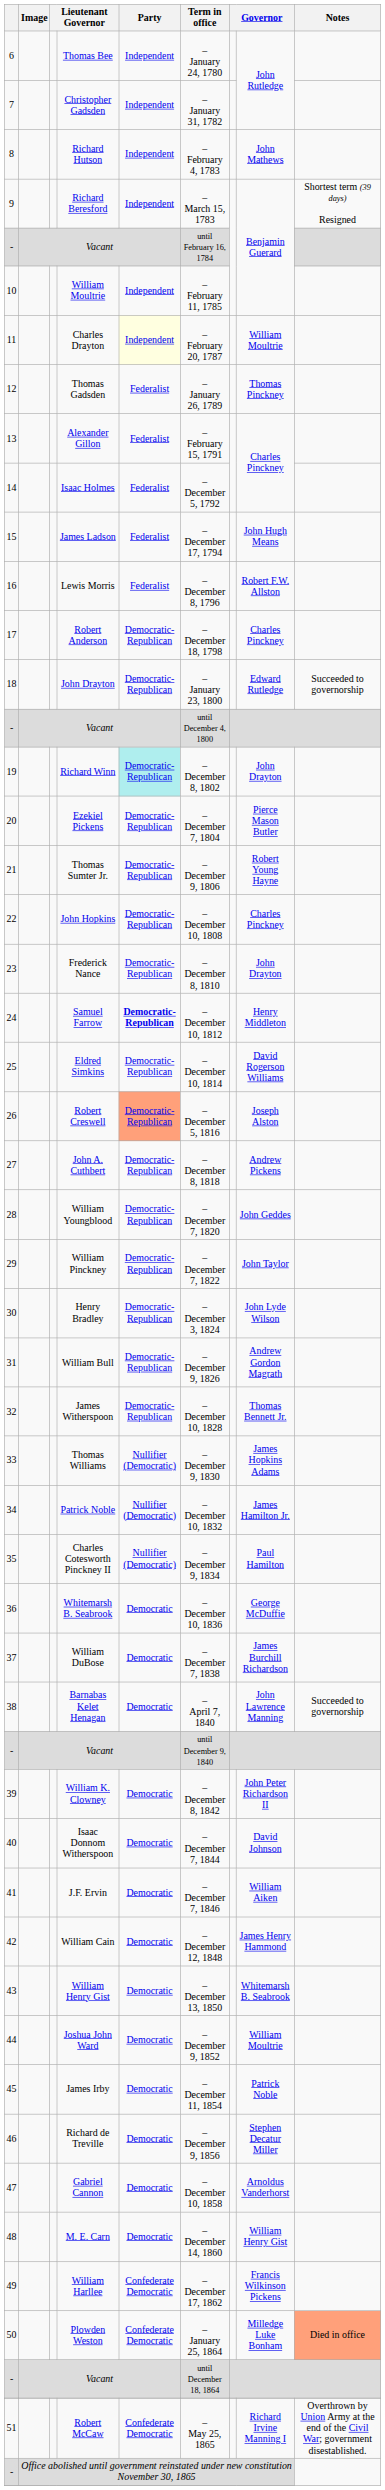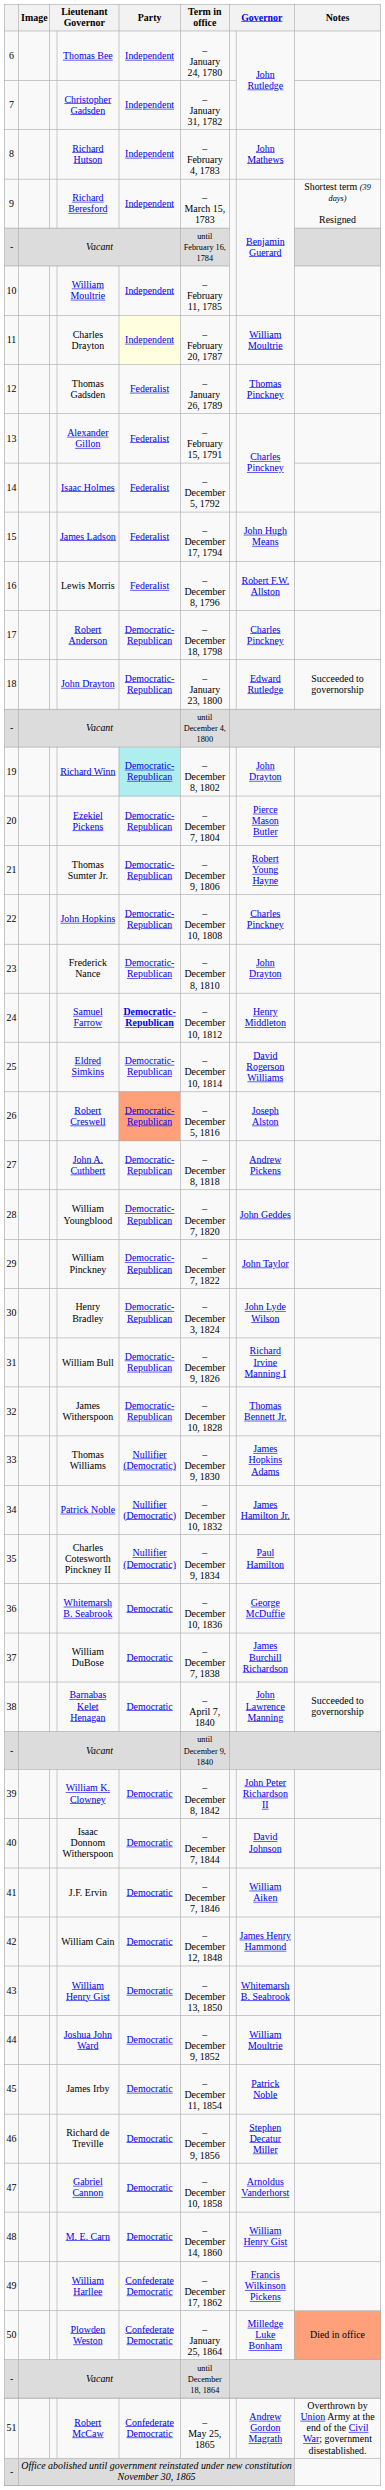 <table class="wikitable sortable" style="text-align: center;">
 <tr>
 <th scope="col" data-sort-type="number"></th>
 <th scope="col">Image</th>
 <th scope="col" colspan="2">Lieutenant Governor</th>
 <th scope="col">Party</th>
 <th scope="col">Term in office</th>
 <th scope="col" colspan="2"><a href='#'>Governor</a></th>
 <th scope="col">Notes</th>
 </tr>
 <tr>
 <td>6</td>
 <td></td>
 <td style="background:"> </td>
 <td><a href='#'>Thomas Bee</a></td>
 <td><a href='#'>Independent</a></td>
 <td><br>–<br>January 24, 1780</td>
 <td style="background:"> </td>
 <td rowspan=2><a href='#'>John Rutledge</a></td>
 <td></td>
 </tr>
 <tr>
 <td>7</td>
 <td></td>
 <td style="background:"> </td>
 <td><a href='#'>Christopher Gadsden</a></td>
 <td><a href='#'>Independent</a></td>
 <td><br>–<br>January 31, 1782</td>
 <td style="background:"> </td>
 <td></td>
 </tr>
 <tr>
 <td>8</td>
 <td></td>
 <td style="background:"> </td>
 <td><a href='#'>Richard Hutson</a></td>
 <td><a href='#'>Independent</a></td>
 <td><br>–<br>February 4, 1783</td>
 <td style="background:"> </td>
 <td><a href='#'>John Mathews</a></td>
 <td></td>
 </tr>
 <tr>
 <td>9</td>
 <td></td>
 <td style="background:"> </td>
 <td><a href='#'>Richard Beresford</a></td>
 <td><a href='#'>Independent</a></td>
 <td><br>–<br>March 15, 1783</td>
 <td rowspan=3 style="background:"> </td>
 <td rowspan=3><a href='#'>Benjamin Guerard</a></td>
 <td>Shortest term <small><em>(39 days)</em></small><br><br>Resigned</td>
 </tr>
 <tr bgcolor="#DCDCDC">
 <td>-</td>
 <td colspan=4><em>Vacant</em></td>
 <td><small>until February 16, 1784</small></td>
 <td></td>
 </tr>
 <tr>
 <td>10</td>
 <td></td>
 <td style="background:"> </td>
 <td><a href='#'>William Moultrie</a></td>
 <td><a href='#'>Independent</a></td>
 <td><br>–<br>February 11, 1785</td>
 <td></td>
 </tr>
 <tr>
 <td>11</td>
 <td></td>
 <td style="background:"> </td>
 <td>Charles Drayton</td>
 <td style="background: lightyellow;"><a href='#'>Independent</a></td>
 <td><br>–<br>February 20, 1787</td>
 <td style="background:"> </td>
 <td><a href='#'>William Moultrie</a></td>
 <td></td>
 </tr>
 <tr>
 <td>12</td>
 <td></td>
 <td style="background:"> </td>
 <td>Thomas Gadsden</td>
 <td><a href='#'>Federalist</a></td>
 <td><br>–<br>January 26, 1789</td>
 <td style="background:"> </td>
 <td><a href='#'>Thomas Pinckney</a></td>
 <td></td>
 </tr>
 <tr>
 <td>13</td>
 <td></td>
 <td style="background:"> </td>
 <td><a href='#'>Alexander Gillon</a></td>
 <td><a href='#'>Federalist</a></td>
 <td><br>–<br>February 15, 1791</td>
 <td rowspan=2 style="background:"> </td>
 <td rowspan=2><a href='#'>Charles Pinckney</a></td>
 <td></td>
 </tr>
 <tr>
 <td>14</td>
 <td></td>
 <td style="background:"> </td>
 <td><a href='#'>Isaac Holmes</a></td>
 <td><a href='#'>Federalist</a></td>
 <td><br>–<br>December 5, 1792</td>
 <td></td>
 </tr>
 <tr>
 <td>15</td>
 <td></td>
 <td style="background:"> </td>
 <td><a href='#'>James Ladson</a></td>
 <td><a href='#'>Federalist</a></td>
 <td><br>–<br>December 17, 1794</td>
 <td style="background:"> </td>
 <td><a href='#'>John Hugh Means</a></td>
 <td></td>
 </tr>
 <tr>
 <td>16</td>
 <td></td>
 <td style="background:"> </td>
 <td>Lewis Morris</td>
 <td><a href='#'>Federalist</a></td>
 <td><br>–<br>December 8, 1796</td>
 <td style="background:"> </td>
 <td><a href='#'>Robert F.W. Allston</a></td>
 <td></td>
 </tr>
 <tr>
 <td>17</td>
 <td></td>
 <td style="background:"> </td>
 <td><a href='#'>Robert Anderson</a></td>
 <td><a href='#'>Democratic-Republican</a></td>
 <td><br>–<br>December 18, 1798</td>
 <td style="background:"> </td>
 <td><a href='#'>Charles Pinckney</a></td>
 <td></td>
 </tr>
 <tr>
 <td>18</td>
 <td></td>
 <td style="background:"> </td>
 <td><a href='#'>John Drayton</a></td>
 <td><a href='#'>Democratic-Republican</a></td>
 <td><br>–<br>January 23, 1800</td>
 <td style="background:"> </td>
 <td><a href='#'>Edward Rutledge</a></td>
 <td>Succeeded to governorship</td>
 </tr>
 <tr bgcolor="#DCDCDC">
 <td>-</td>
 <td colspan=4><em>Vacant</em></td>
 <td><small>until December 4, 1800</small></td>
 <td colspan=3></td>
 </tr>
 <tr>
 <td>19</td>
 <td></td>
 <td style="background:"> </td>
 <td><a href='#'>Richard Winn</a></td>
 <td style="background: paleturquoise;"><a href='#'>Democratic-Republican</a></td>
 <td><br>–<br>December 8, 1802</td>
 <td style="background:"> </td>
 <td><a href='#'>John Drayton</a></td>
 <td></td>
 </tr>
 <tr>
 <td>20</td>
 <td></td>
 <td style="background:"> </td>
 <td><a href='#'>Ezekiel Pickens</a></td>
 <td><a href='#'>Democratic-Republican</a></td>
 <td><br>–<br>December 7, 1804</td>
 <td style="background:"> </td>
 <td><a href='#'>Pierce Mason Butler</a></td>
 <td></td>
 </tr>
 <tr>
 <td>21</td>
 <td></td>
 <td style="background:"> </td>
 <td>Thomas Sumter Jr.</td>
 <td><a href='#'>Democratic-Republican</a></td>
 <td><br>–<br>December 9, 1806</td>
 <td style="background:"> </td>
 <td><a href='#'>Robert Young Hayne</a></td>
 <td></td>
 </tr>
 <tr>
 <td>22</td>
 <td></td>
 <td style="background:"> </td>
 <td><a href='#'>John Hopkins</a></td>
 <td><a href='#'>Democratic-Republican</a></td>
 <td><br>–<br>December 10, 1808</td>
 <td style="background:"> </td>
 <td><a href='#'>Charles Pinckney</a></td>
 <td></td>
 </tr>
 <tr>
 <td>23</td>
 <td></td>
 <td style="background:"> </td>
 <td>Frederick Nance</td>
 <td><a href='#'>Democratic-Republican</a></td>
 <td><br>–<br>December 8, 1810</td>
 <td style="background:"> </td>
 <td><a href='#'>John Drayton</a></td>
 <td></td>
 </tr>
 <tr>
 <td>24</td>
 <td></td>
 <td style="background:"> </td>
 <td><a href='#'>Samuel Farrow</a></td>
 <td><strong><a href='#'>Democratic-Republican</a></strong></td>
 <td><br>–<br>December 10, 1812</td>
 <td style="background:"> </td>
 <td><a href='#'>Henry Middleton</a></td>
 <td></td>
 </tr>
 <tr>
 <td>25</td>
 <td></td>
 <td style="background:"> </td>
 <td><a href='#'>Eldred Simkins</a></td>
 <td><a href='#'>Democratic-Republican</a></td>
 <td><br>–<br>December 10, 1814</td>
 <td style="background:"> </td>
 <td><a href='#'>David Rogerson Williams</a></td>
 <td></td>
 </tr>
 <tr>
 <td>26</td>
 <td></td>
 <td style="background:"> </td>
 <td><a href='#'>Robert Creswell</a></td>
 <td style="background: lightsalmon;"><a href='#'>Democratic-Republican</a></td>
 <td><br>–<br>December 5, 1816</td>
 <td style="background:"> </td>
 <td><a href='#'>Joseph Alston</a></td>
 <td></td>
 </tr>
 <tr>
 <td>27</td>
 <td></td>
 <td style="background:"> </td>
 <td><a href='#'>John A. Cuthbert</a></td>
 <td><a href='#'>Democratic-Republican</a></td>
 <td><br>–<br>December 8, 1818</td>
 <td style="background:"> </td>
 <td><a href='#'>Andrew Pickens</a></td>
 <td></td>
 </tr>
 <tr>
 <td>28</td>
 <td></td>
 <td style="background:"> </td>
 <td>William Youngblood</td>
 <td><a href='#'>Democratic-Republican</a></td>
 <td><br>–<br>December 7, 1820</td>
 <td style="background:"> </td>
 <td><a href='#'>John Geddes</a></td>
 <td></td>
 </tr>
 <tr>
 <td>29</td>
 <td></td>
 <td style="background:"> </td>
 <td>William Pinckney</td>
 <td><a href='#'>Democratic-Republican</a></td>
 <td><br>–<br>December 7, 1822</td>
 <td style="background:"> </td>
 <td><a href='#'>John Taylor</a></td>
 <td></td>
 </tr>
 <tr>
 <td>30</td>
 <td></td>
 <td style="background:"> </td>
 <td>Henry Bradley</td>
 <td><a href='#'>Democratic-Republican</a></td>
 <td><br>–<br>December 3, 1824</td>
 <td style="background:"> </td>
 <td><a href='#'>John Lyde Wilson</a></td>
 <td></td>
 </tr>
 <tr>
 <td>31</td>
 <td></td>
 <td style="background:"> </td>
 <td>William Bull</td>
 <td><a href='#'>Democratic-Republican</a></td>
 <td><br>–<br>December 9, 1826</td>
 <td style="background:"> </td>
-<td><a href='#'>Andrew Gordon Magrath</a></td>
+<td><a href='#'>Richard Irvine Manning I</a></td>
 <td></td>
 </tr>
 <tr>
 <td>32</td>
 <td></td>
 <td style="background:"> </td>
 <td>James Witherspoon</td>
 <td><a href='#'>Democratic-Republican</a></td>
 <td><br>–<br>December 10, 1828</td>
 <td style="background:"> </td>
 <td><a href='#'>Thomas Bennett Jr.</a></td>
 <td></td>
 </tr>
 <tr>
 <td>33</td>
 <td></td>
 <td style="background:"> </td>
 <td>Thomas Williams</td>
 <td><a href='#'>Nullifier <br> (Democratic)</a></td>
 <td><br>–<br>December 9, 1830</td>
 <td style="background:"> </td>
 <td><a href='#'>James Hopkins Adams</a></td>
 <td></td>
 </tr>
 <tr>
 <td>34</td>
 <td></td>
 <td style="background:"> </td>
 <td><a href='#'>Patrick Noble</a></td>
 <td><a href='#'>Nullifier <br> (Democratic)</a></td>
 <td><br>–<br>December 10, 1832</td>
 <td style="background:"> </td>
 <td><a href='#'>James Hamilton Jr.</a></td>
 <td></td>
 </tr>
 <tr>
 <td>35</td>
 <td></td>
 <td style="background:"> </td>
 <td>Charles Cotesworth Pinckney II</td>
 <td><a href='#'>Nullifier <br> (Democratic)</a></td>
 <td><br>–<br>December 9, 1834</td>
 <td style="background:"> </td>
 <td><a href='#'>Paul Hamilton</a></td>
 <td></td>
 </tr>
 <tr>
 <td>36</td>
 <td></td>
 <td style="background:"> </td>
 <td><a href='#'>Whitemarsh B. Seabrook</a></td>
 <td><a href='#'>Democratic</a></td>
 <td><br>–<br>December 10, 1836</td>
 <td style="background:"> </td>
 <td><a href='#'>George McDuffie</a></td>
 <td></td>
 </tr>
 <tr>
 <td>37</td>
 <td></td>
 <td style="background:"> </td>
 <td>William DuBose</td>
 <td><a href='#'>Democratic</a></td>
 <td><br>–<br>December 7, 1838</td>
 <td style="background:"> </td>
 <td><a href='#'>James Burchill Richardson</a></td>
 <td></td>
 </tr>
 <tr>
 <td>38</td>
 <td></td>
 <td style="background:"> </td>
 <td><a href='#'>Barnabas Kelet Henagan</a></td>
 <td><a href='#'>Democratic</a></td>
 <td><br>–<br>April 7, 1840</td>
 <td style="background:"> </td>
 <td><a href='#'>John Lawrence Manning</a></td>
 <td>Succeeded to governorship</td>
 </tr>
 <tr bgcolor="#DCDCDC">
 <td>-</td>
 <td colspan=4><em>Vacant</em></td>
 <td><small>until December 9, 1840</small></td>
 <td colspan=3></td>
 </tr>
 <tr>
 <td>39</td>
 <td></td>
 <td style="background:"> </td>
 <td><a href='#'>William K. Clowney</a></td>
 <td><a href='#'>Democratic</a></td>
 <td><br>–<br>December 8, 1842</td>
 <td style="background:"> </td>
 <td><a href='#'>John Peter Richardson II</a></td>
 <td></td>
 </tr>
 <tr>
 <td>40</td>
 <td></td>
 <td style="background:"> </td>
 <td>Isaac Donnom Witherspoon</td>
 <td><a href='#'>Democratic</a></td>
 <td><br>–<br>December 7, 1844</td>
 <td style="background:"> </td>
 <td><a href='#'>David Johnson</a></td>
 <td></td>
 </tr>
 <tr>
 <td>41</td>
 <td></td>
 <td style="background:"> </td>
 <td>J.F. Ervin</td>
 <td><a href='#'>Democratic</a></td>
 <td><br>–<br>December 7, 1846</td>
 <td style="background:"> </td>
 <td><a href='#'>William Aiken</a></td>
 <td></td>
 </tr>
 <tr>
 <td>42</td>
 <td></td>
 <td style="background:"> </td>
 <td>William Cain</td>
 <td><a href='#'>Democratic</a></td>
 <td><br>–<br>December 12, 1848</td>
 <td style="background:"> </td>
 <td><a href='#'>James Henry Hammond</a></td>
 <td></td>
 </tr>
 <tr>
 <td>43</td>
 <td></td>
 <td style="background:"> </td>
 <td><a href='#'>William Henry Gist</a></td>
 <td><a href='#'>Democratic</a></td>
 <td><br>–<br>December 13, 1850</td>
 <td style="background:"> </td>
 <td><a href='#'>Whitemarsh B. Seabrook</a></td>
 <td></td>
 </tr>
 <tr>
 <td>44</td>
 <td></td>
 <td style="background:"> </td>
 <td><a href='#'>Joshua John Ward</a></td>
 <td><a href='#'>Democratic</a></td>
 <td><br>–<br>December 9, 1852</td>
 <td style="background:"> </td>
 <td><a href='#'>William Moultrie</a></td>
 <td></td>
 </tr>
 <tr>
 <td>45</td>
 <td></td>
 <td style="background:"> </td>
 <td>James Irby</td>
 <td><a href='#'>Democratic</a></td>
 <td><br>–<br>December 11, 1854</td>
 <td style="background:"> </td>
 <td><a href='#'>Patrick Noble</a></td>
 <td></td>
 </tr>
 <tr>
 <td>46</td>
 <td></td>
 <td style="background:"> </td>
 <td>Richard de Treville</td>
 <td><a href='#'>Democratic</a></td>
 <td><br>–<br>December 9, 1856</td>
 <td style="background:"> </td>
 <td><a href='#'>Stephen Decatur Miller</a></td>
 <td></td>
 </tr>
 <tr>
 <td>47</td>
 <td></td>
 <td style="background:"> </td>
 <td><a href='#'>Gabriel Cannon</a></td>
 <td><a href='#'>Democratic</a></td>
 <td><br>–<br>December 10, 1858</td>
 <td style="background:"> </td>
 <td><a href='#'>Arnoldus Vanderhorst</a></td>
 <td></td>
 </tr>
 <tr>
 <td>48</td>
 <td></td>
 <td style="background:"> </td>
 <td><a href='#'>M. E. Carn</a></td>
 <td><a href='#'>Democratic</a></td>
 <td><br>–<br>December 14, 1860</td>
 <td style="background:"> </td>
 <td><a href='#'>William Henry Gist</a></td>
 <td></td>
 </tr>
 <tr>
 <td>49</td>
 <td></td>
 <td style="background:"> </td>
 <td><a href='#'>William Harllee</a></td>
 <td><a href='#'>Confederate <br> Democratic</a></td>
 <td><br>–<br>December 17, 1862</td>
 <td style="background:"> </td>
 <td><a href='#'>Francis Wilkinson Pickens</a></td>
 <td></td>
 </tr>
 <tr>
 <td>50</td>
 <td></td>
 <td style="background:"> </td>
 <td><a href='#'>Plowden Weston</a></td>
 <td><a href='#'>Confederate <br> Democratic</a></td>
 <td><br>–<br>January 25, 1864</td>
 <td style="background:"> </td>
 <td><a href='#'>Milledge Luke Bonham</a></td>
 <td style="background: lightsalmon;">Died in office</td>
 </tr>
 <tr bgcolor="#DCDCDC">
 <td>-</td>
 <td colspan=4><em>Vacant</em></td>
 <td><small>until December 18, 1864</small></td>
 <td colspan=3></td>
 </tr>
 <tr>
 </tr>
 <tr>
 <td>51</td>
 <td></td>
 <td style="background:"> </td>
 <td><a href='#'>Robert McCaw</a></td>
 <td><a href='#'>Confederate <br> Democratic</a></td>
 <td><br>–<br>May 25, 1865</td>
 <td style="background:"> </td>
-<td><a href='#'>Richard Irvine Manning I</a></td>
+<td><a href='#'>Andrew Gordon Magrath</a></td>
 <td>Overthrown by <a href='#'>Union</a> Army at the end of the <a href='#'>Civil War</a>; government disestablished.</td>
 </tr>
 <tr bgcolor="#DCDCDC">
 <td>-</td>
 <td colspan=7><em>Office abolished until government reinstated under new constitution November 30, 1865</em></td>
 </tr>
 <tr>
 </tr>
 </table>
